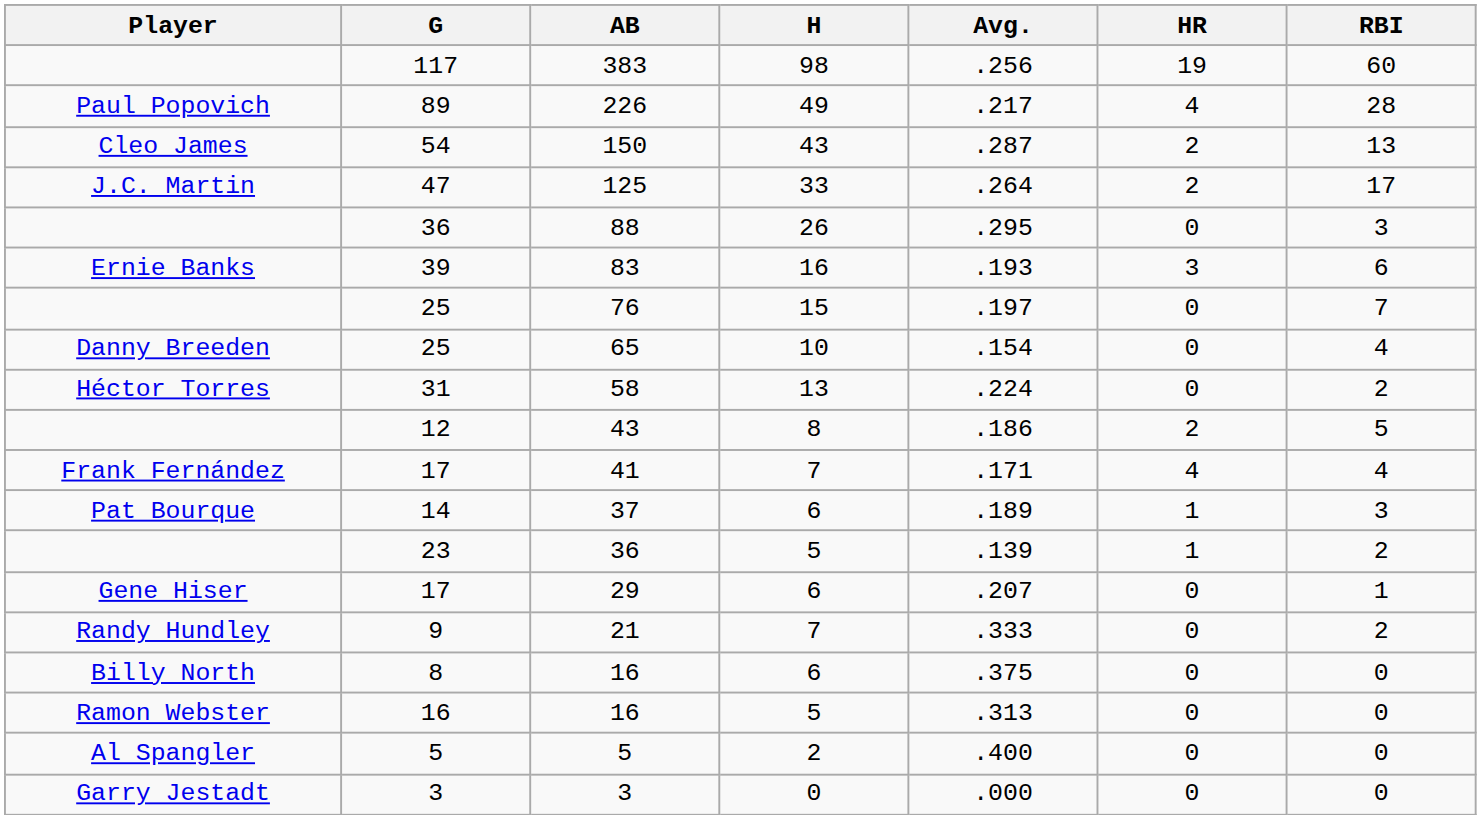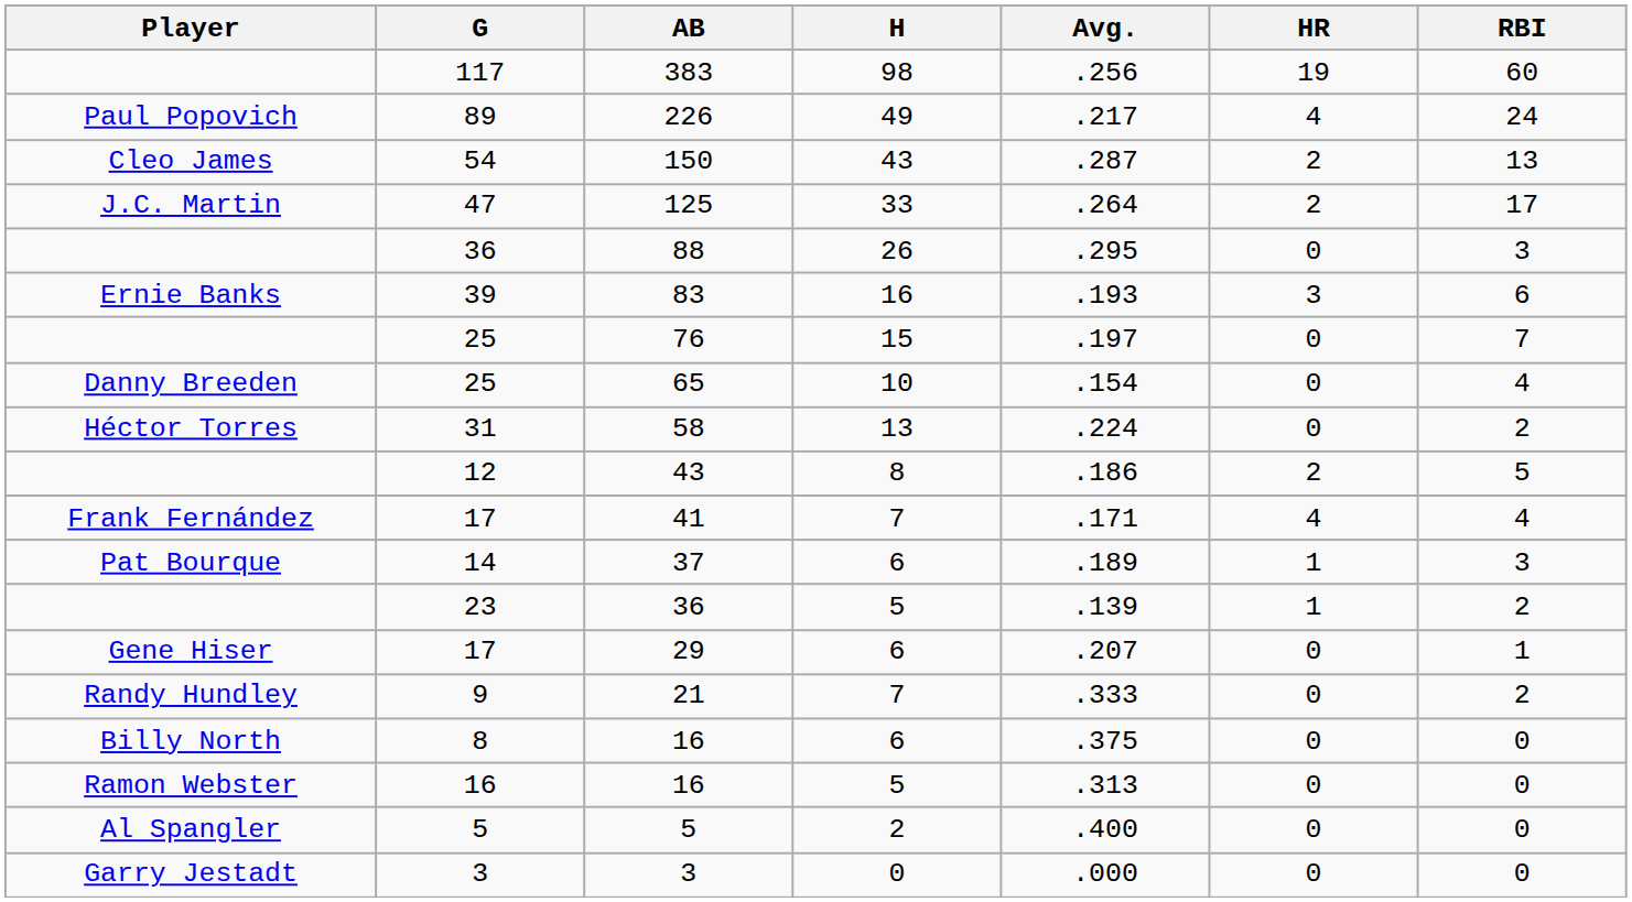 <table class="wikitable sortable">
 <tr>
 <th bgcolor="#DDDDFF" width="16%">Player</th>
 <th bgcolor="#DDDDFF" width="9%">G</th>
 <th bgcolor="#DDDDFF" width="9%">AB</th>
 <th bgcolor="#DDDDFF" width="9%">H</th>
 <th bgcolor="#DDDDFF" width="9%">Avg.</th>
 <th bgcolor="#DDDDFF" width="9%">HR</th>
 <th bgcolor="#DDDDFF" width="9%">RBI</th>
 </tr>
 <tr align="center">
 <td></td>
 <td>117</td>
 <td>383</td>
 <td>98</td>
 <td>.256</td>
 <td>19</td>
 <td>60</td>
 </tr>
 <tr align="center">
 <td><a href='#'>Paul Popovich</a></td>
 <td>89</td>
 <td>226</td>
 <td>49</td>
 <td>.217</td>
 <td>4</td>
-<td>28</td>
+<td>24</td>
 </tr>
 <tr align=center>
 <td><a href='#'>Cleo James</a></td>
 <td>54</td>
 <td>150</td>
 <td>43</td>
 <td>.287</td>
 <td>2</td>
 <td>13</td>
 </tr>
 <tr align=center>
 <td><a href='#'>J.C. Martin</a></td>
 <td>47</td>
 <td>125</td>
 <td>33</td>
 <td>.264</td>
 <td>2</td>
 <td>17</td>
 </tr>
 <tr align=center>
 <td></td>
 <td>36</td>
 <td>88</td>
 <td>26</td>
 <td>.295</td>
 <td>0</td>
 <td>3</td>
 </tr>
 <tr align="center">
 <td><a href='#'>Ernie Banks</a></td>
 <td>39</td>
 <td>83</td>
 <td>16</td>
 <td>.193</td>
 <td>3</td>
 <td>6</td>
 </tr>
 <tr align=center>
 <td></td>
 <td>25</td>
 <td>76</td>
 <td>15</td>
 <td>.197</td>
 <td>0</td>
 <td>7</td>
 </tr>
 <tr align="center">
 <td><a href='#'>Danny Breeden</a></td>
 <td>25</td>
 <td>65</td>
 <td>10</td>
 <td>.154</td>
 <td>0</td>
 <td>4</td>
 </tr>
 <tr align=center>
 <td><a href='#'>Héctor Torres</a></td>
 <td>31</td>
 <td>58</td>
 <td>13</td>
 <td>.224</td>
 <td>0</td>
 <td>2</td>
 </tr>
 <tr align=center>
 <td></td>
 <td>12</td>
 <td>43</td>
 <td>8</td>
 <td>.186</td>
 <td>2</td>
 <td>5</td>
 </tr>
 <tr align="center">
 <td><a href='#'>Frank Fernández</a></td>
 <td>17</td>
 <td>41</td>
 <td>7</td>
 <td>.171</td>
 <td>4</td>
 <td>4</td>
 </tr>
 <tr align=center>
 <td><a href='#'>Pat Bourque</a></td>
 <td>14</td>
 <td>37</td>
 <td>6</td>
 <td>.189</td>
 <td>1</td>
 <td>3</td>
 </tr>
 <tr align=center>
 <td></td>
 <td>23</td>
 <td>36</td>
 <td>5</td>
 <td>.139</td>
 <td>1</td>
 <td>2</td>
 </tr>
 <tr align="center">
 <td><a href='#'>Gene Hiser</a></td>
 <td>17</td>
 <td>29</td>
 <td>6</td>
 <td>.207</td>
 <td>0</td>
 <td>1</td>
 </tr>
 <tr align=center>
 <td><a href='#'>Randy Hundley</a></td>
 <td>9</td>
 <td>21</td>
 <td>7</td>
 <td>.333</td>
 <td>0</td>
 <td>2</td>
 </tr>
 <tr align=center>
 <td><a href='#'>Billy North</a></td>
 <td>8</td>
 <td>16</td>
 <td>6</td>
 <td>.375</td>
 <td>0</td>
 <td>0</td>
 </tr>
 <tr align=center>
 <td><a href='#'>Ramon Webster</a></td>
 <td>16</td>
 <td>16</td>
 <td>5</td>
 <td>.313</td>
 <td>0</td>
 <td>0</td>
 </tr>
 <tr align=center>
 <td><a href='#'>Al Spangler</a></td>
 <td>5</td>
 <td>5</td>
 <td>2</td>
 <td>.400</td>
 <td>0</td>
 <td>0</td>
 </tr>
 <tr align=center>
 <td><a href='#'>Garry Jestadt</a></td>
 <td>3</td>
 <td>3</td>
 <td>0</td>
 <td>.000</td>
 <td>0</td>
 <td>0</td>
 </tr>
 </table>
